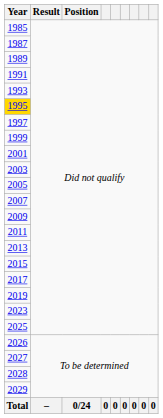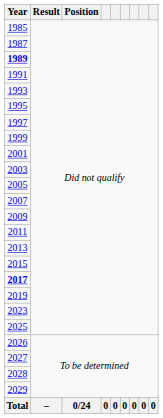 <table class="wikitable" style="text-align: center;">
 <tr>
 <th>Year</th>
 <th>Result</th>
 <th>Position</th>
 <th></th>
 <th></th>
 <th></th>
 <th></th>
 <th></th>
 <th></th>
 </tr>
 <tr>
 <td> <a href='#'>1985</a></td>
 <td colspan=8 rowspan=20><em>Did not qualify</em></td>
 </tr>
 <tr>
 <td> <a href='#'>1987</a></td>
 </tr>
 <tr>
-<td> <a href='#'>1989</a></td>
+<td><strong> <a href='#'>1989</a></strong></td>
 </tr>
 <tr>
 <td> <a href='#'>1991</a></td>
 </tr>
 <tr>
 <td> <a href='#'>1993</a></td>
 </tr>
 <tr>
-<td style="background: gold;"> <a href='#'>1995</a></td>
+<td> <a href='#'>1995</a></td>
 </tr>
 <tr>
 <td> <a href='#'>1997</a></td>
 </tr>
 <tr>
 <td> <a href='#'>1999</a></td>
 </tr>
 <tr>
 <td> <a href='#'>2001</a></td>
 </tr>
 <tr>
 <td> <a href='#'>2003</a></td>
 </tr>
 <tr>
 <td> <a href='#'>2005</a></td>
 </tr>
 <tr>
 <td> <a href='#'>2007</a></td>
 </tr>
 <tr>
 <td> <a href='#'>2009</a></td>
 </tr>
 <tr>
 <td> <a href='#'>2011</a></td>
 </tr>
 <tr>
 <td> <a href='#'>2013</a></td>
 </tr>
 <tr>
 <td> <a href='#'>2015</a></td>
 </tr>
 <tr>
-<td> <a href='#'>2017</a></td>
+<td><strong> <a href='#'>2017</a></strong></td>
 </tr>
 <tr>
 <td> <a href='#'>2019</a></td>
 </tr>
 <tr>
 <td> <a href='#'>2023</a></td>
 </tr>
 <tr>
 <td> <a href='#'>2025</a></td>
 </tr>
 <tr>
 <td> <a href='#'>2026</a></td>
 <td colspan=8 rowspan=4><em>To be determined</em></td>
 </tr>
 <tr>
 <td> <a href='#'>2027</a></td>
 </tr>
 <tr>
 <td> <a href='#'>2028</a></td>
 </tr>
 <tr>
 <td> <a href='#'>2029</a></td>
 </tr>
 <tr>
 <th><strong>Total</strong></th>
 <th>–</th>
 <th>0/24</th>
 <th>0</th>
 <th>0</th>
 <th>0</th>
 <th>0</th>
 <th>0</th>
 <th>0</th>
 </tr>
 </table>
